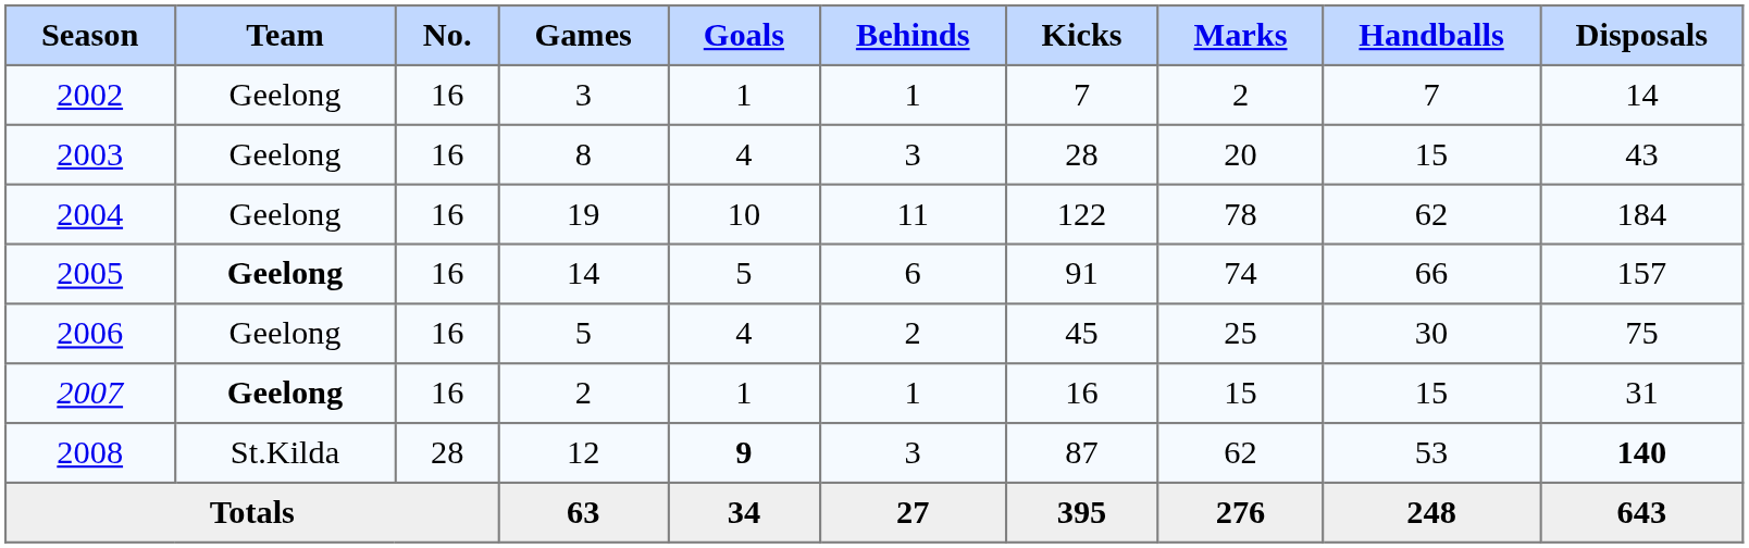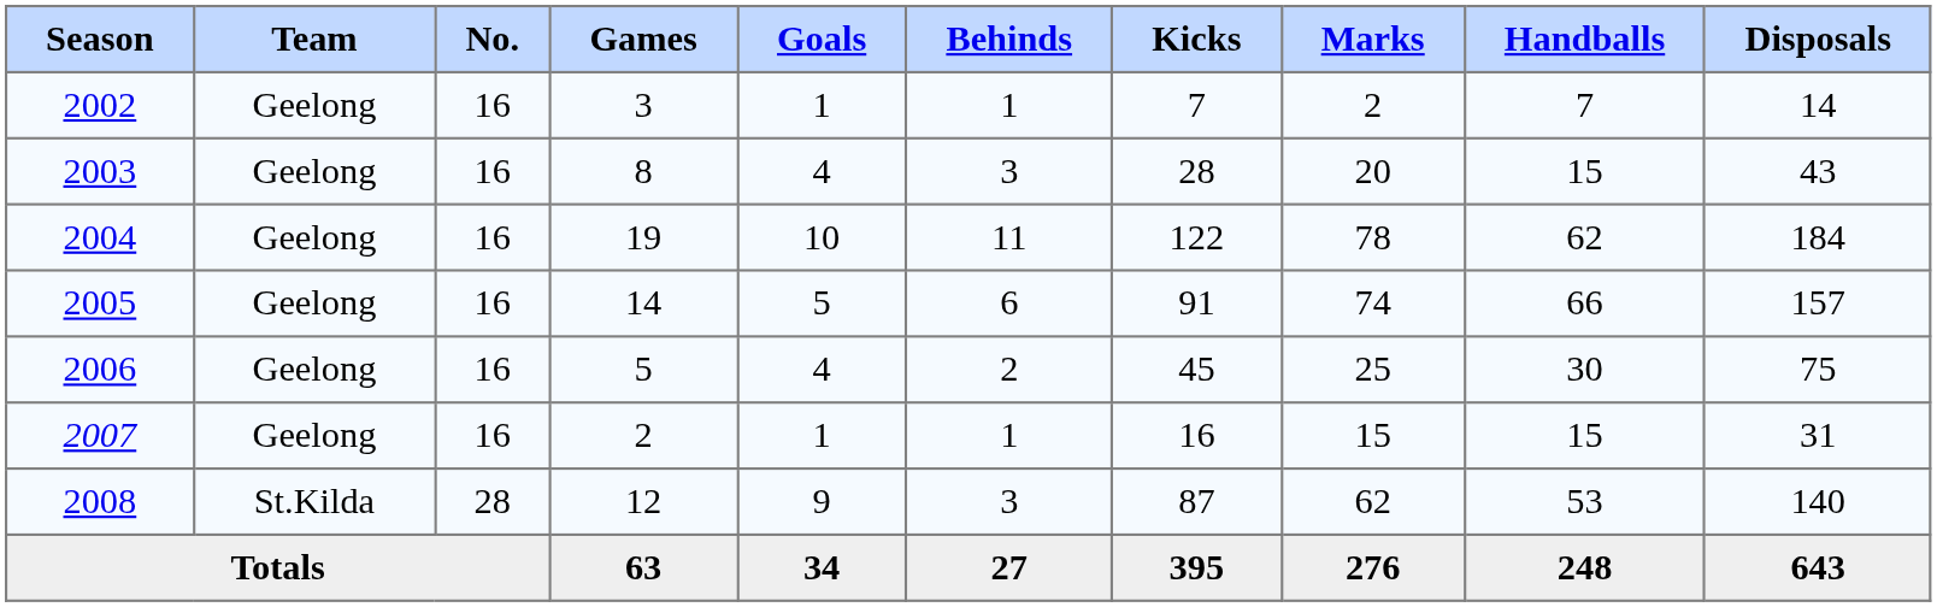 <table border="1" cellpadding="4" cellspacing="0" style="text-align:center; font-size:90%; border-collapse:collapse;" width=60%>
 <tr style="background:#C1D8FF;">
 <th width=3%>Season</th>
 <th width=5%>Team</th>
 <th width=2%>No.</th>
 <th width=3%>Games</th>
 <th width=3%><a href='#'>Goals</a></th>
 <th width=3%><a href='#'>Behinds</a></th>
 <th width=3%>Kicks</th>
 <th width=3%><a href='#'>Marks</a></th>
 <th width=3%><a href='#'>Handballs</a></th>
 <th width=3%>Disposals</th>
 </tr>
 <tr style="background:#F5FAFF;">
 <td><a href='#'>2002</a></td>
 <td>Geelong</td>
 <td>16</td>
 <td>3</td>
 <td>1</td>
 <td>1</td>
 <td>7</td>
 <td>2</td>
 <td>7</td>
 <td>14</td>
 </tr>
 <tr style="background:#F5FAFF;">
 <td><a href='#'>2003</a></td>
 <td>Geelong</td>
 <td>16</td>
 <td>8</td>
 <td>4</td>
 <td>3</td>
 <td>28</td>
 <td>20</td>
 <td>15</td>
 <td>43</td>
 </tr>
 <tr style="background:#F5FAFF;">
 <td><a href='#'>2004</a></td>
 <td>Geelong</td>
 <td>16</td>
 <td>19</td>
 <td>10</td>
 <td>11</td>
 <td>122</td>
 <td>78</td>
 <td>62</td>
 <td>184</td>
 </tr>
 <tr style="background:#F5FAFF;">
 <td><a href='#'>2005</a></td>
-<td><strong>Geelong</strong></td>
+<td>Geelong</td>
 <td>16</td>
 <td>14</td>
 <td>5</td>
 <td>6</td>
 <td>91</td>
 <td>74</td>
 <td>66</td>
 <td>157</td>
 </tr>
 <tr style="background:#F5FAFF;">
 <td><a href='#'>2006</a></td>
 <td>Geelong</td>
 <td>16</td>
 <td>5</td>
 <td>4</td>
 <td>2</td>
 <td>45</td>
 <td>25</td>
 <td>30</td>
 <td>75</td>
 </tr>
 <tr style="background:#F5FAFF;">
 <td><em><a href='#'>2007</a></em></td>
-<td><strong>Geelong</strong></td>
+<td>Geelong</td>
 <td>16</td>
 <td>2</td>
 <td>1</td>
 <td>1</td>
 <td>16</td>
 <td>15</td>
 <td>15</td>
 <td>31</td>
 </tr>
 <tr style="background:#F5FAFF;">
 <td><a href='#'>2008</a></td>
 <td>St.Kilda</td>
 <td>28</td>
 <td>12</td>
-<td><strong>9</strong></td>
+<td>9</td>
 <td>3</td>
 <td>87</td>
 <td>62</td>
 <td>53</td>
-<td><strong>140</strong></td>
+<td>140</td>
 </tr>
 <tr style="background:#EFEFEF;">
 <th colspan=3>Totals</th>
 <td><strong>63</strong></td>
 <td><strong>34</strong></td>
 <td><strong>27</strong></td>
 <td><strong>395</strong></td>
 <td><strong>276</strong></td>
 <td><strong>248</strong></td>
 <td><strong>643</strong></td>
 </tr>
 </table>
